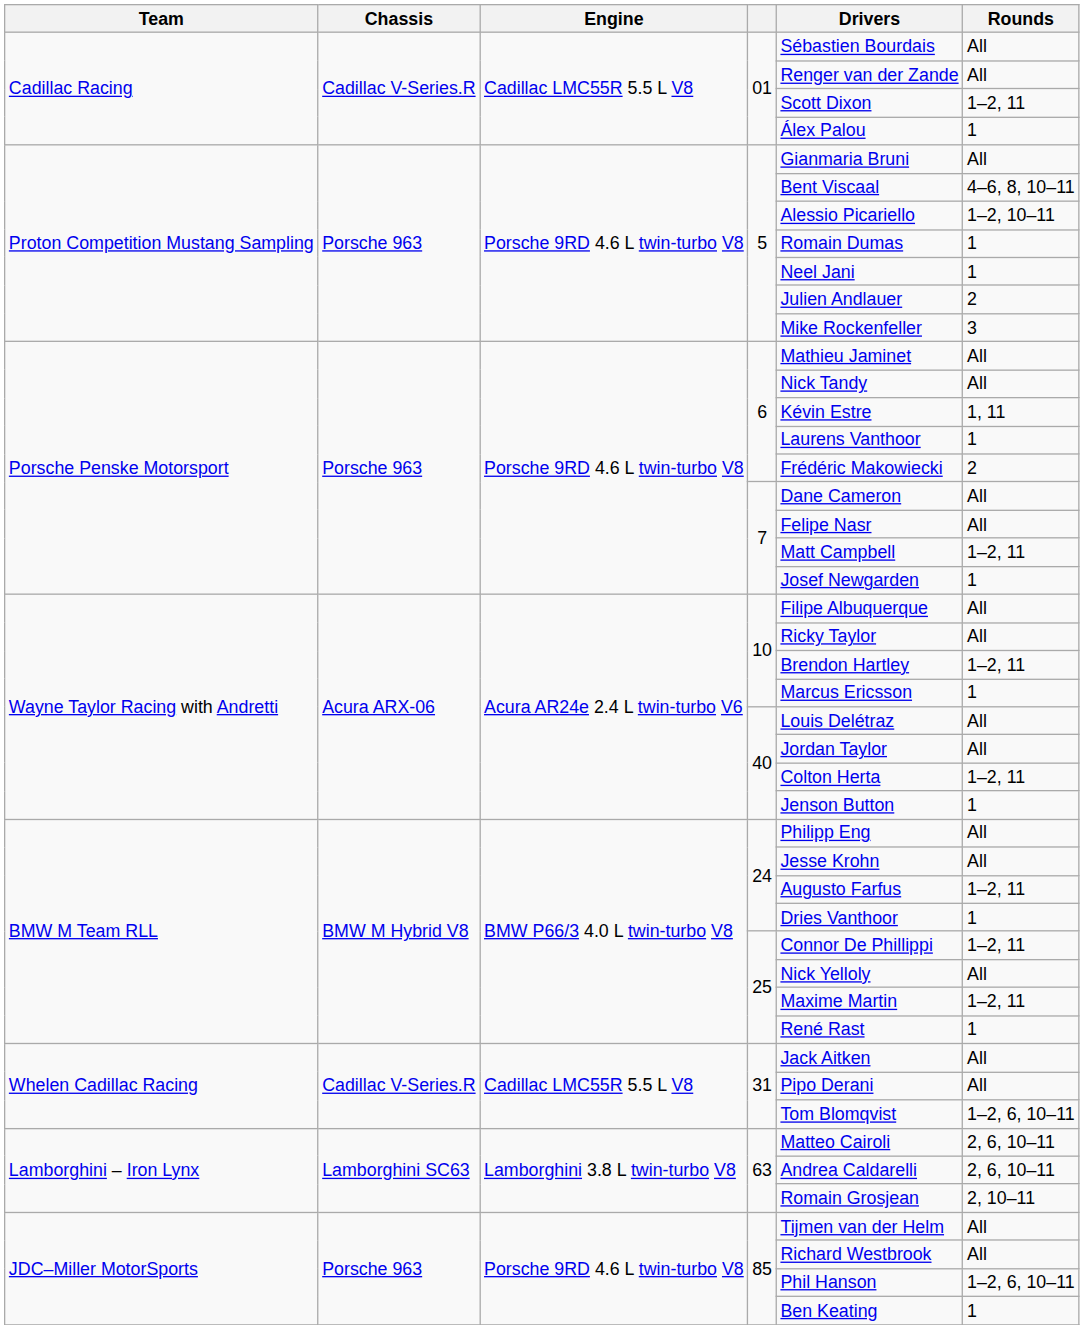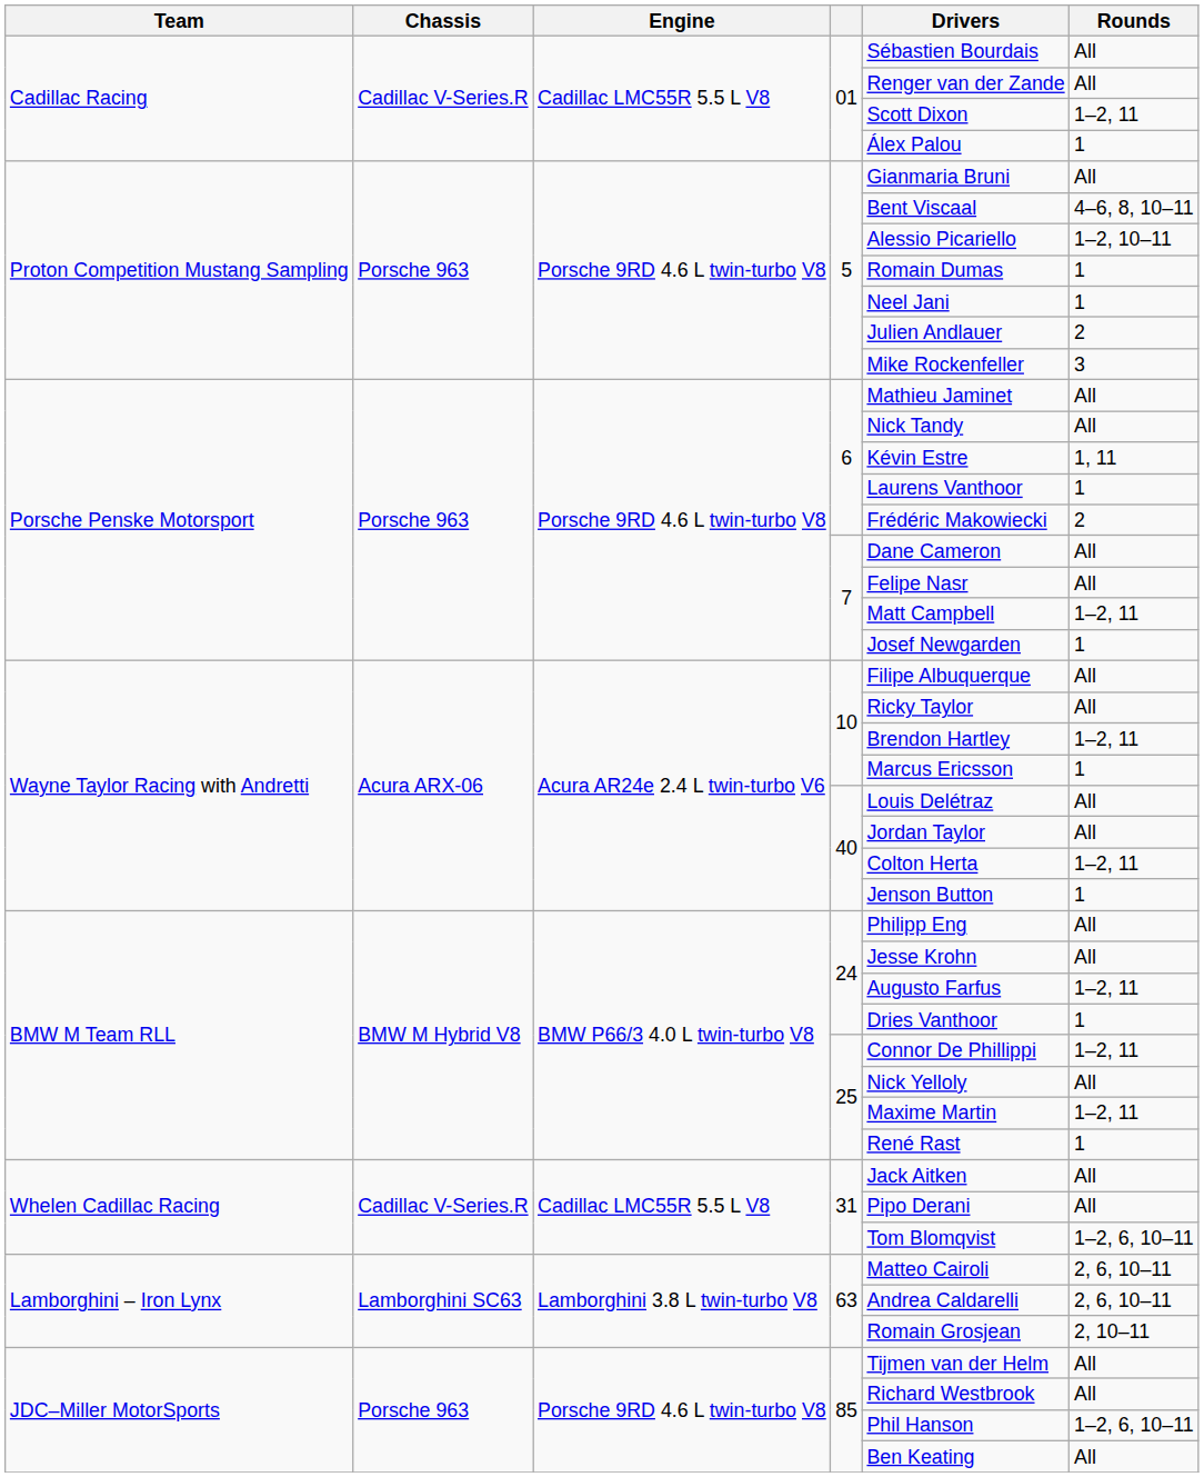 <table class="wikitable" style="font-size: 85%">
 <tr>
 <th>Team</th>
 <th>Chassis</th>
 <th>Engine</th>
 <th></th>
 <th>Drivers</th>
 <th>Rounds</th>
 </tr>
 <tr>
 <td rowspan="4"> <a href='#'>Cadillac Racing</a></td>
 <td rowspan="4"><a href='#'>Cadillac V-Series.R</a></td>
 <td rowspan="4"><a href='#'>Cadillac LMC55R</a> 5.5 L <a href='#'>V8</a></td>
 <td rowspan="4" align="center">01</td>
 <td> <a href='#'>Sébastien Bourdais</a></td>
 <td nowrap>All</td>
 </tr>
 <tr>
 <td nowrap> <a href='#'>Renger van der Zande</a></td>
 <td>All</td>
 </tr>
 <tr>
 <td> <a href='#'>Scott Dixon</a></td>
 <td>1–2, 11</td>
 </tr>
 <tr>
 <td> <a href='#'>Álex Palou</a></td>
 <td>1</td>
 </tr>
 <tr>
 <td rowspan="7"> <a href='#'>Proton Competition Mustang Sampling</a></td>
 <td rowspan="7"><a href='#'>Porsche 963</a></td>
 <td rowspan="7"><a href='#'>Porsche 9RD</a> 4.6 L <a href='#'>twin-turbo</a> <a href='#'>V8</a></td>
 <td rowspan="7" align="center">5</td>
 <td> <a href='#'>Gianmaria Bruni</a></td>
 <td>All</td>
 </tr>
 <tr>
 <td> <a href='#'>Bent Viscaal</a></td>
 <td>4–6, 8, 10–11</td>
 </tr>
 <tr>
 <td> <a href='#'>Alessio Picariello</a></td>
 <td>1–2, 10–11</td>
 </tr>
 <tr>
 <td> <a href='#'>Romain Dumas</a></td>
 <td>1</td>
 </tr>
 <tr>
 <td> <a href='#'>Neel Jani</a></td>
 <td>1</td>
 </tr>
 <tr>
 <td> <a href='#'>Julien Andlauer</a></td>
 <td>2</td>
 </tr>
 <tr>
 <td> <a href='#'>Mike Rockenfeller</a></td>
 <td>3</td>
 </tr>
 <tr>
 <td rowspan="9"> <a href='#'>Porsche Penske Motorsport</a></td>
 <td rowspan="9"><a href='#'>Porsche 963</a></td>
 <td rowspan="9"><a href='#'>Porsche 9RD</a> 4.6 L <a href='#'>twin-turbo</a> <a href='#'>V8</a></td>
 <td rowspan="5" align="center">6</td>
 <td> <a href='#'>Mathieu Jaminet</a></td>
 <td>All</td>
 </tr>
 <tr>
 <td> <a href='#'>Nick Tandy</a></td>
 <td>All</td>
 </tr>
 <tr>
 <td> <a href='#'>Kévin Estre</a></td>
 <td>1, 11</td>
 </tr>
 <tr>
 <td> <a href='#'>Laurens Vanthoor</a></td>
 <td>1</td>
 </tr>
 <tr>
 <td> <a href='#'>Frédéric Makowiecki</a></td>
 <td>2</td>
 </tr>
 <tr>
 <td rowspan="4" align="center">7</td>
 <td> <a href='#'>Dane Cameron</a></td>
 <td>All</td>
 </tr>
 <tr>
 <td> <a href='#'>Felipe Nasr</a></td>
 <td>All</td>
 </tr>
 <tr>
 <td> <a href='#'>Matt Campbell</a></td>
 <td>1–2, 11</td>
 </tr>
 <tr>
 <td> <a href='#'>Josef Newgarden</a></td>
 <td>1</td>
 </tr>
 <tr>
 <td rowspan="8"> <a href='#'>Wayne Taylor Racing</a> with <a href='#'>Andretti</a></td>
 <td rowspan="8"><a href='#'>Acura ARX-06</a></td>
 <td rowspan="8"><a href='#'>Acura AR24e</a> 2.4 L <a href='#'>twin-turbo</a> <a href='#'>V6</a></td>
 <td rowspan="4" align="center">10</td>
 <td> <a href='#'>Filipe Albuquerque</a></td>
 <td>All</td>
 </tr>
 <tr>
 <td> <a href='#'>Ricky Taylor</a></td>
 <td>All</td>
 </tr>
 <tr>
 <td> <a href='#'>Brendon Hartley</a></td>
 <td>1–2, 11</td>
 </tr>
 <tr>
 <td> <a href='#'>Marcus Ericsson</a></td>
 <td>1</td>
 </tr>
 <tr>
 <td rowspan="4" align="center">40</td>
 <td> <a href='#'>Louis Delétraz</a></td>
 <td>All</td>
 </tr>
 <tr>
 <td> <a href='#'>Jordan Taylor</a></td>
 <td>All</td>
 </tr>
 <tr>
 <td> <a href='#'>Colton Herta</a></td>
 <td>1–2, 11</td>
 </tr>
 <tr>
 <td> <a href='#'>Jenson Button</a></td>
 <td>1</td>
 </tr>
 <tr>
 <td rowspan="8"> <a href='#'>BMW M Team RLL</a></td>
 <td rowspan="8"><a href='#'>BMW M Hybrid V8</a></td>
 <td rowspan="8"><a href='#'>BMW P66/3</a> 4.0 L <a href='#'>twin-turbo</a> <a href='#'>V8</a></td>
 <td rowspan="4" align="center">24</td>
 <td> <a href='#'>Philipp Eng</a></td>
 <td>All</td>
 </tr>
 <tr>
 <td> <a href='#'>Jesse Krohn</a></td>
 <td>All</td>
 </tr>
 <tr>
 <td> <a href='#'>Augusto Farfus</a></td>
 <td>1–2, 11</td>
 </tr>
 <tr>
 <td> <a href='#'>Dries Vanthoor</a></td>
 <td>1</td>
 </tr>
 <tr>
 <td rowspan="4" align="center">25</td>
 <td> <a href='#'>Connor De Phillippi</a></td>
 <td>1–2, 11</td>
 </tr>
 <tr>
 <td> <a href='#'>Nick Yelloly</a></td>
 <td>All</td>
 </tr>
 <tr>
 <td> <a href='#'>Maxime Martin</a></td>
 <td>1–2, 11</td>
 </tr>
 <tr>
 <td> <a href='#'>René Rast</a></td>
 <td>1</td>
 </tr>
 <tr>
 <td rowspan="3"> <a href='#'>Whelen Cadillac Racing</a></td>
 <td rowspan="3"><a href='#'>Cadillac V-Series.R</a></td>
 <td rowspan="3"><a href='#'>Cadillac LMC55R</a> 5.5 L <a href='#'>V8</a></td>
 <td rowspan="3" align="center">31</td>
 <td> <a href='#'>Jack Aitken</a></td>
 <td>All</td>
 </tr>
 <tr>
 <td> <a href='#'>Pipo Derani</a></td>
 <td>All</td>
 </tr>
 <tr>
 <td> <a href='#'>Tom Blomqvist</a></td>
 <td>1–2, 6, 10–11</td>
 </tr>
 <tr>
 <td rowspan="3"> <a href='#'>Lamborghini</a> – <a href='#'>Iron Lynx</a></td>
 <td rowspan="3"><a href='#'>Lamborghini SC63</a></td>
 <td rowspan="3"><a href='#'>Lamborghini</a> 3.8 L <a href='#'>twin-turbo</a> <a href='#'>V8</a></td>
 <td rowspan="3" align="center">63</td>
 <td> <a href='#'>Matteo Cairoli</a></td>
 <td>2, 6, 10–11</td>
 </tr>
 <tr>
 <td> <a href='#'>Andrea Caldarelli</a></td>
 <td>2, 6, 10–11</td>
 </tr>
 <tr>
 <td> <a href='#'>Romain Grosjean</a></td>
 <td>2, 10–11</td>
 </tr>
 <tr>
 <td rowspan="4"> <a href='#'>JDC–Miller MotorSports</a></td>
 <td rowspan="4"><a href='#'>Porsche 963</a></td>
 <td rowspan="4"><a href='#'>Porsche 9RD</a> 4.6 L <a href='#'>twin-turbo</a> <a href='#'>V8</a></td>
 <td rowspan="4" align="center">85</td>
 <td> <a href='#'>Tijmen van der Helm</a></td>
 <td>All</td>
 </tr>
 <tr>
 <td> <a href='#'>Richard Westbrook</a></td>
 <td>All</td>
 </tr>
 <tr>
 <td> <a href='#'>Phil Hanson</a></td>
 <td>1–2, 6, 10–11</td>
 </tr>
 <tr>
 <td> <a href='#'>Ben Keating</a></td>
-<td>1</td>
+<td>All</td>
 </tr>
 <tr>
 </tr>
 </table>
